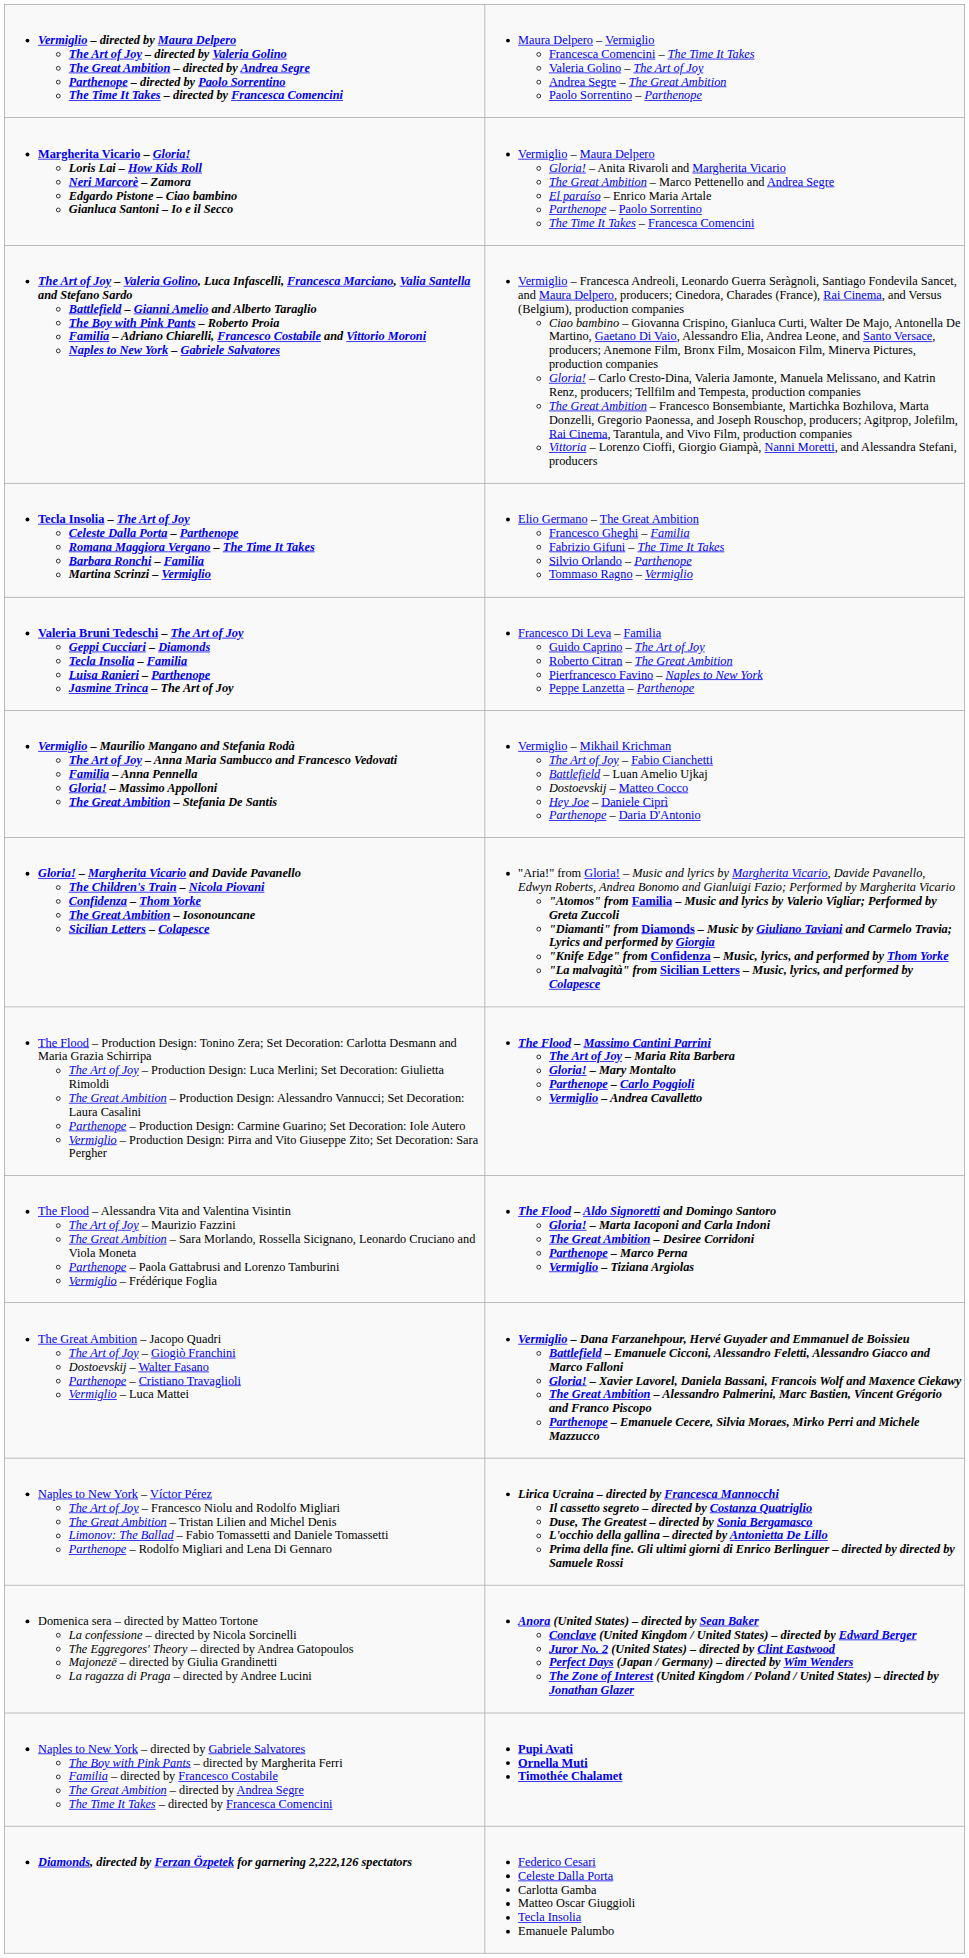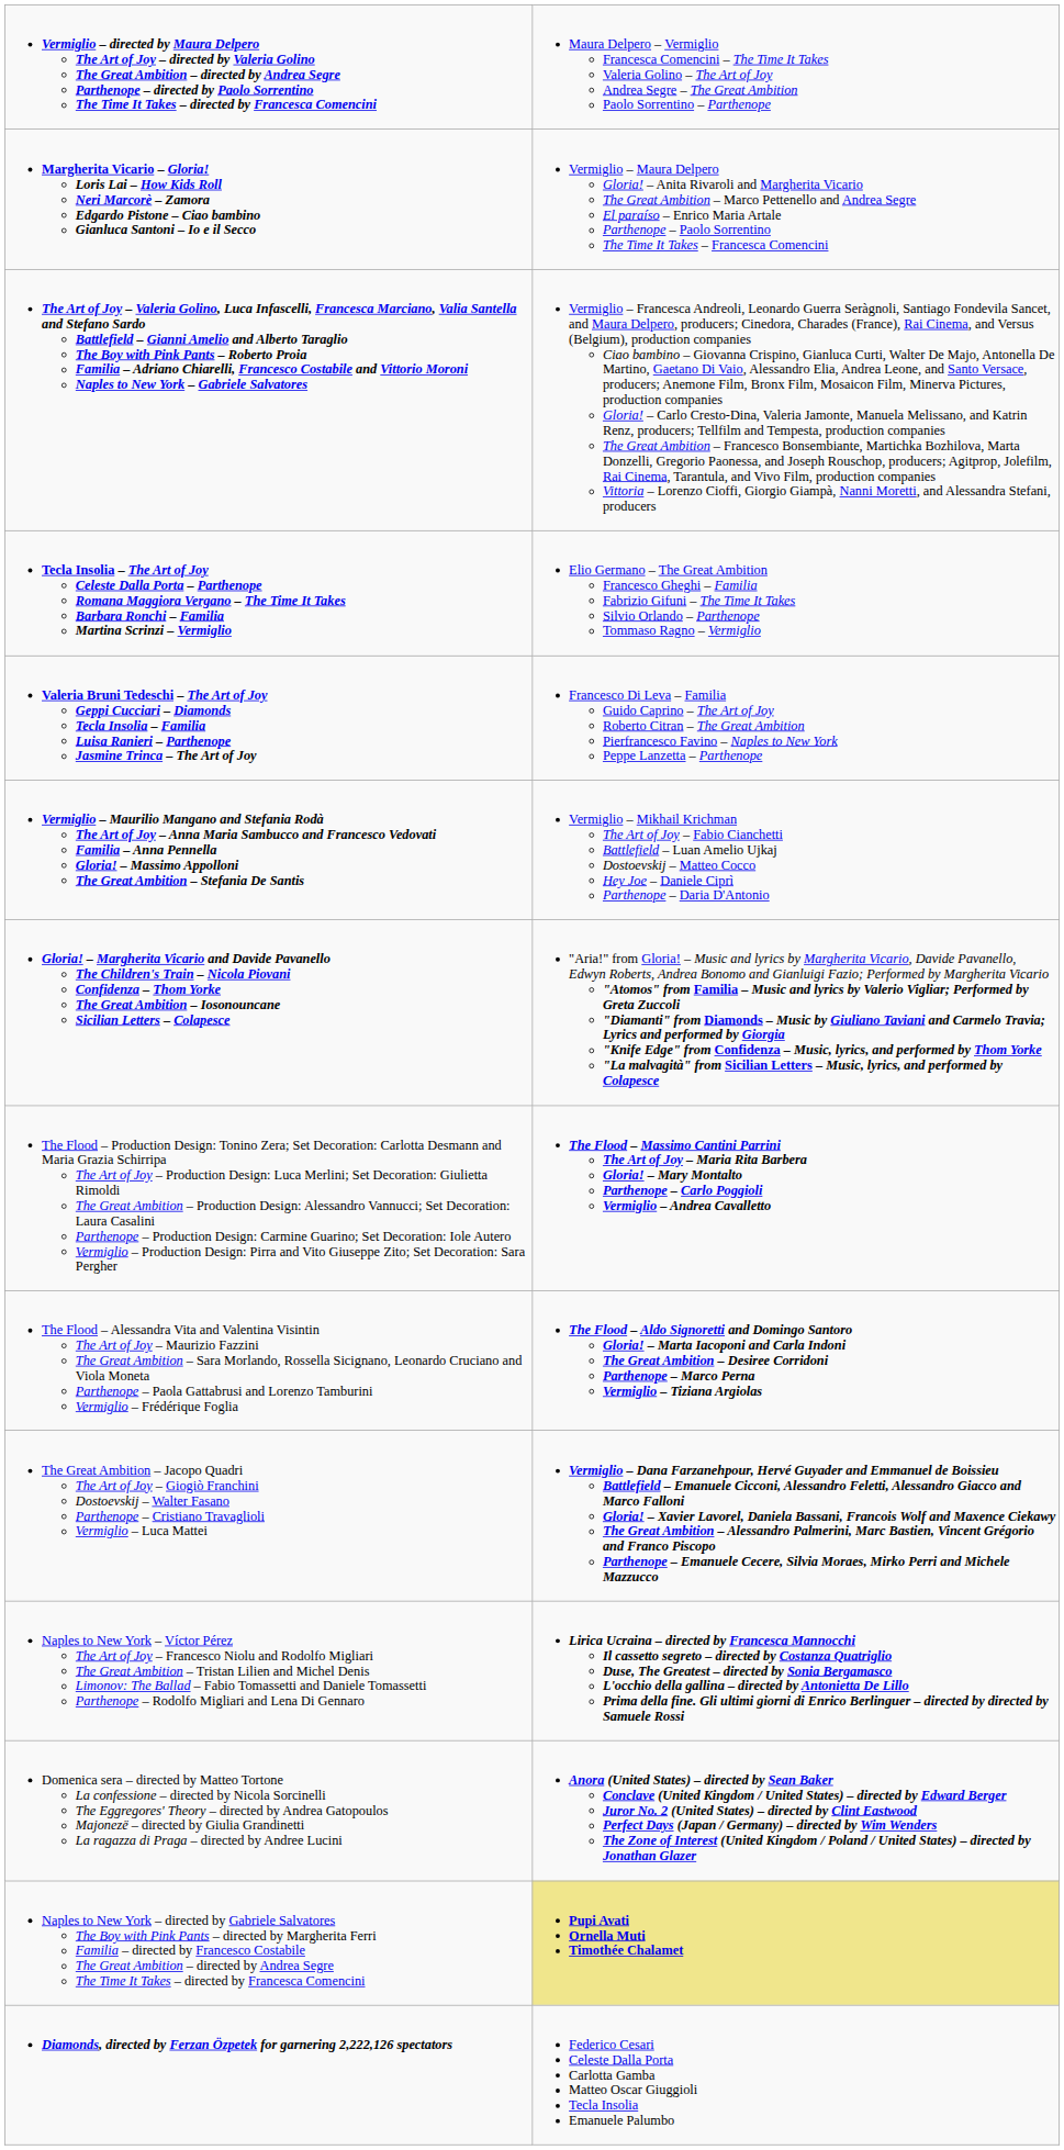 <table class="wikitable" role="presentation">
 <tr>
 <td style="vertical-align:top; width:50%;"><br><ul><li><strong><em><a href='#'>Vermiglio</a><em> – directed by <a href='#'>Maura Delpero</a><strong><ul><li></em><a href='#'>The Art of Joy</a><em> – directed by <a href='#'>Valeria Golino</a></li><li></em><a href='#'>The Great Ambition</a><em> – directed by <a href='#'>Andrea Segre</a></li><li></em><a href='#'>Parthenope</a><em> – directed by <a href='#'>Paolo Sorrentino</a></li><li></em><a href='#'>The Time It Takes</a><em> – directed by <a href='#'>Francesca Comencini</a></li></ul></li></ul></td>
 <td style="vertical-align:top; width:50%;"><br><ul><li></strong><a href='#'>Maura Delpero</a> – </em><a href='#'>Vermiglio</a></em></strong><ul><li><a href='#'>Francesca Comencini</a> – <em><a href='#'>The Time It Takes</a></em></li><li><a href='#'>Valeria Golino</a> – <em><a href='#'>The Art of Joy</a></em></li><li><a href='#'>Andrea Segre</a> – <em><a href='#'>The Great Ambition</a></em></li><li><a href='#'>Paolo Sorrentino</a> – <em><a href='#'>Parthenope</a></em></li></ul></li></ul></td>
 </tr>
 <tr>
 <td style="vertical-align:top; width:50%;"><br><ul><li><strong><a href='#'>Margherita Vicario</a> – <em><a href='#'>Gloria!</a><strong><em><ul><li>Loris Lai – </em><a href='#'>How Kids Roll</a><em></li><li><a href='#'>Neri Marcorè</a> – </em>Zamora<em></li><li>Edgardo Pistone – </em>Ciao bambino<em></li><li>Gianluca Santoni – </em>Io e il Secco<em></li></ul></li></ul></td>
 <td style="vertical-align:top; width:50%;"><br><ul><li></em></strong><a href='#'>Vermiglio</a></em> – <a href='#'>Maura Delpero</a></strong><ul><li><em><a href='#'>Gloria!</a></em> – Anita Rivaroli and <a href='#'>Margherita Vicario</a></li><li><em><a href='#'>The Great Ambition</a></em> – Marco Pettenello and <a href='#'>Andrea Segre</a></li><li><em><a href='#'>El paraíso</a></em> – Enrico Maria Artale</li><li><em><a href='#'>Parthenope</a></em> – <a href='#'>Paolo Sorrentino</a></li><li><em><a href='#'>The Time It Takes</a></em> – <a href='#'>Francesca Comencini</a></li></ul></li></ul></td>
 </tr>
 <tr>
 <td style="vertical-align:top; width:50%;"><br><ul><li><strong><em><a href='#'>The Art of Joy</a><em> – <a href='#'>Valeria Golino</a>, Luca Infascelli, <a href='#'>Francesca Marciano</a>, <a href='#'>Valia Santella</a> and Stefano Sardo<strong><ul><li></em><a href='#'>Battlefield</a><em> – <a href='#'>Gianni Amelio</a> and Alberto Taraglio</li><li></em><a href='#'>The Boy with Pink Pants</a><em> – Roberto Proia</li><li></em><a href='#'>Familia</a><em> – Adriano Chiarelli, <a href='#'>Francesco Costabile</a> and <a href='#'>Vittorio Moroni</a></li><li></em><a href='#'>Naples to New York</a><em> – <a href='#'>Gabriele Salvatores</a></li></ul></li></ul></td>
 <td style="vertical-align:top; width:50%;"><br><ul><li></em></strong><a href='#'>Vermiglio</a></em> – Francesca Andreoli, Leonardo Guerra Seràgnoli, Santiago Fondevila Sancet, and <a href='#'>Maura Delpero</a>, producers; Cinedora, Charades (France), <a href='#'>Rai Cinema</a>, and Versus (Belgium), production companies</strong><ul><li><em>Ciao bambino</em> – Giovanna Crispino, Gianluca Curti, Walter De Majo, Antonella De Martino, <a href='#'>Gaetano Di Vaio</a>, Alessandro Elia, Andrea Leone, and <a href='#'>Santo Versace</a>, producers; Anemone Film, Bronx Film, Mosaicon Film, Minerva Pictures, production companies</li><li><em><a href='#'>Gloria!</a></em> – Carlo Cresto-Dina, Valeria Jamonte, Manuela Melissano, and Katrin Renz, producers; Tellfilm and Tempesta, production companies</li><li><em><a href='#'>The Great Ambition</a></em> – Francesco Bonsembiante, Martichka Bozhilova, Marta Donzelli, Gregorio Paonessa, and Joseph Rouschop, producers; Agitprop, Jolefilm, <a href='#'>Rai Cinema</a>, Tarantula, and Vivo Film, production companies</li><li><em><a href='#'>Vittoria</a></em> – Lorenzo Cioffi, Giorgio Giampà, <a href='#'>Nanni Moretti</a>, and Alessandra Stefani, producers</li></ul></li></ul></td>
 </tr>
 <tr>
 <td style="vertical-align:top; width:50%;"><br><ul><li><strong><a href='#'>Tecla Insolia</a> – <em><a href='#'>The Art of Joy</a><strong><em><ul><li><a href='#'>Celeste Dalla Porta</a> – </em><a href='#'>Parthenope</a><em></li><li><a href='#'>Romana Maggiora Vergano</a> – </em><a href='#'>The Time It Takes</a><em></li><li><a href='#'>Barbara Ronchi</a> – </em><a href='#'>Familia</a><em></li><li>Martina Scrinzi – </em><a href='#'>Vermiglio</a><em></li></ul></li></ul></td>
 <td style="vertical-align:top; width:50%;"><br><ul><li></strong><a href='#'>Elio Germano</a> – </em><a href='#'>The Great Ambition</a></em></strong><ul><li><a href='#'>Francesco Gheghi</a> – <em><a href='#'>Familia</a></em></li><li><a href='#'>Fabrizio Gifuni</a> – <em><a href='#'>The Time It Takes</a></em></li><li><a href='#'>Silvio Orlando</a> – <em><a href='#'>Parthenope</a></em></li><li><a href='#'>Tommaso Ragno</a> – <em><a href='#'>Vermiglio</a></em></li></ul></li></ul></td>
 </tr>
 <tr>
 <td style="vertical-align:top; width:50%;"><br><ul><li><strong><a href='#'>Valeria Bruni Tedeschi</a> – <em><a href='#'>The Art of Joy</a><strong><em><ul><li><a href='#'>Geppi Cucciari</a> – </em><a href='#'>Diamonds</a><em></li><li><a href='#'>Tecla Insolia</a> – </em><a href='#'>Familia</a><em></li><li><a href='#'>Luisa Ranieri</a> – </em><a href='#'>Parthenope</a><em></li><li><a href='#'>Jasmine Trinca</a> – </em>The Art of Joy<em></li></ul></li></ul></td>
 <td style="vertical-align:top; width:50%;"><br><ul><li></strong><a href='#'>Francesco Di Leva</a> – </em><a href='#'>Familia</a></em></strong><ul><li><a href='#'>Guido Caprino</a> – <em><a href='#'>The Art of Joy</a></em></li><li><a href='#'>Roberto Citran</a> – <em><a href='#'>The Great Ambition</a></em></li><li><a href='#'>Pierfrancesco Favino</a> – <em><a href='#'>Naples to New York</a></em></li><li><a href='#'>Peppe Lanzetta</a> – <em><a href='#'>Parthenope</a></em></li></ul></li></ul></td>
 </tr>
 <tr>
 <td style="vertical-align:top; width:50%;"><br><ul><li><strong><em><a href='#'>Vermiglio</a><em> – Maurilio Mangano and Stefania Rodà<strong><ul><li></em><a href='#'>The Art of Joy</a><em> – Anna Maria Sambucco and Francesco Vedovati</li><li></em><a href='#'>Familia</a><em> – Anna Pennella</li><li></em><a href='#'>Gloria!</a><em> – Massimo Appolloni</li><li></em><a href='#'>The Great Ambition</a><em> – Stefania De Santis</li></ul></li></ul></td>
 <td style="vertical-align:top; width:50%;"><br><ul><li></em></strong><a href='#'>Vermiglio</a></em> – <a href='#'>Mikhail Krichman</a></strong><ul><li><em><a href='#'>The Art of Joy</a></em> – <a href='#'>Fabio Cianchetti</a></li><li><em><a href='#'>Battlefield</a></em> – Luan Amelio Ujkaj</li><li><em>Dostoevskij</em> – <a href='#'>Matteo Cocco</a></li><li><em><a href='#'>Hey Joe</a></em> – <a href='#'>Daniele Ciprì</a></li><li><em><a href='#'>Parthenope</a></em> – <a href='#'>Daria D'Antonio</a></li></ul></li></ul></td>
 </tr>
 <tr>
 <td style="vertical-align:top; width:50%;"><br><ul><li><strong><em><a href='#'>Gloria!</a><em> – <a href='#'>Margherita Vicario</a> and Davide Pavanello<strong><ul><li></em><a href='#'>The Children's Train</a><em> – <a href='#'>Nicola Piovani</a></li><li></em><a href='#'>Confidenza</a><em> – <a href='#'>Thom Yorke</a></li><li></em><a href='#'>The Great Ambition</a><em> – Iosonouncane</li><li></em><a href='#'>Sicilian Letters</a><em> – <a href='#'>Colapesce</a></li></ul></li></ul></td>
 <td style="vertical-align:top; width:50%;"><br><ul><li></strong>"Aria!" from </em><a href='#'>Gloria!</a><em> – Music and lyrics by <a href='#'>Margherita Vicario</a>, Davide Pavanello, Edwyn Roberts, Andrea Bonomo and Gianluigi Fazio; Performed by Margherita Vicario<strong><ul><li>"Atomos" from </em><a href='#'>Familia</a><em> – Music and lyrics by Valerio Vigliar; Performed by Greta Zuccoli</li><li>"Diamanti" from </em><a href='#'>Diamonds</a><em> – Music by <a href='#'>Giuliano Taviani</a> and Carmelo Travia; Lyrics and performed by <a href='#'>Giorgia</a></li><li>"Knife Edge" from </em><a href='#'>Confidenza</a><em> – Music, lyrics, and performed by <a href='#'>Thom Yorke</a></li><li>"La malvagità" from </em><a href='#'>Sicilian Letters</a><em> – Music, lyrics, and performed by <a href='#'>Colapesce</a></li></ul></li></ul></td>
 </tr>
 <tr>
 <td style="vertical-align:top; width:50%;"><br><ul><li></em></strong><a href='#'>The Flood</a></em> – Production Design: Tonino Zera; Set Decoration: Carlotta Desmann and Maria Grazia Schirripa</strong><ul><li><em><a href='#'>The Art of Joy</a></em> – Production Design: Luca Merlini; Set Decoration: Giulietta Rimoldi</li><li><em><a href='#'>The Great Ambition</a></em> – Production Design: Alessandro Vannucci; Set Decoration: Laura Casalini</li><li><em><a href='#'>Parthenope</a></em> – Production Design: Carmine Guarino; Set Decoration: Iole Autero</li><li><em><a href='#'>Vermiglio</a></em> – Production Design: Pirra and Vito Giuseppe Zito; Set Decoration: Sara Pergher</li></ul></li></ul></td>
 <td style="vertical-align:top; width:50%;"><br><ul><li><strong><em><a href='#'>The Flood</a><em> – <a href='#'>Massimo Cantini Parrini</a><strong><ul><li></em><a href='#'>The Art of Joy</a><em> – Maria Rita Barbera</li><li></em><a href='#'>Gloria!</a><em> – Mary Montalto</li><li></em><a href='#'>Parthenope</a><em> – <a href='#'>Carlo Poggioli</a></li><li></em><a href='#'>Vermiglio</a><em> – Andrea Cavalletto</li></ul></li></ul></td>
 </tr>
 <tr>
 <td style="vertical-align:top; width:50%;"><br><ul><li></em></strong><a href='#'>The Flood</a></em> – Alessandra Vita and Valentina Visintin</strong><ul><li><em><a href='#'>The Art of Joy</a></em> – Maurizio Fazzini</li><li><em><a href='#'>The Great Ambition</a></em> – Sara Morlando, Rossella Sicignano, Leonardo Cruciano and Viola Moneta</li><li><em><a href='#'>Parthenope</a></em> – Paola Gattabrusi and Lorenzo Tamburini</li><li><em><a href='#'>Vermiglio</a></em> – Frédérique Foglia</li></ul></li></ul></td>
 <td style="vertical-align:top; width:50%;"><br><ul><li><strong><em><a href='#'>The Flood</a><em> – <a href='#'>Aldo Signoretti</a> and Domingo Santoro<strong><ul><li></em><a href='#'>Gloria!</a><em> – Marta Iacoponi and Carla Indoni</li><li></em><a href='#'>The Great Ambition</a><em> – Desiree Corridoni</li><li></em><a href='#'>Parthenope</a><em> – Marco Perna</li><li></em><a href='#'>Vermiglio</a><em> – Tiziana Argiolas</li></ul></li></ul></td>
 </tr>
 <tr>
 <td style="vertical-align:top; width:50%;"><br><ul><li></em></strong><a href='#'>The Great Ambition</a></em> – Jacopo Quadri</strong><ul><li><em><a href='#'>The Art of Joy</a></em> – <a href='#'>Giogiò Franchini</a></li><li><em>Dostoevskij</em> – <a href='#'>Walter Fasano</a></li><li><em><a href='#'>Parthenope</a></em> – <a href='#'>Cristiano Travaglioli</a></li><li><em><a href='#'>Vermiglio</a></em> – Luca Mattei</li></ul></li></ul></td>
 <td style="vertical-align:top; width:50%;"><br><ul><li><strong><em><a href='#'>Vermiglio</a><em> – Dana Farzanehpour, Hervé Guyader and Emmanuel de Boissieu<strong><ul><li></em><a href='#'>Battlefield</a><em> – Emanuele Cicconi, Alessandro Feletti, Alessandro Giacco and Marco Falloni</li><li></em><a href='#'>Gloria!</a><em> – Xavier Lavorel, Daniela Bassani, Francois Wolf and Maxence Ciekawy</li><li></em><a href='#'>The Great Ambition</a><em> – Alessandro Palmerini, Marc Bastien, Vincent Grégorio and Franco Piscopo</li><li></em><a href='#'>Parthenope</a><em> – Emanuele Cecere, Silvia Moraes, Mirko Perri and Michele Mazzucco</li></ul></li></ul></td>
 </tr>
 <tr>
 <td style="vertical-align:top; width:50%;"><br><ul><li></em></strong><a href='#'>Naples to New York</a></em> – <a href='#'>Víctor Pérez</a></strong><ul><li><em><a href='#'>The Art of Joy</a></em> – Francesco Niolu and Rodolfo Migliari</li><li><em><a href='#'>The Great Ambition</a></em> – Tristan Lilien and Michel Denis</li><li><em><a href='#'>Limonov: The Ballad</a></em> – Fabio Tomassetti and Daniele Tomassetti</li><li><em><a href='#'>Parthenope</a></em> – Rodolfo Migliari and Lena Di Gennaro</li></ul></li></ul></td>
 <td style="vertical-align:top; width:50%;"><br><ul><li><strong><em>Lirica Ucraina<em> – directed by <a href='#'>Francesca Mannocchi</a><strong><ul><li></em>Il cassetto segreto<em> – directed by <a href='#'>Costanza Quatriglio</a></li><li></em>Duse, The Greatest<em> – directed by <a href='#'>Sonia Bergamasco</a></li><li></em>L'occhio della gallina<em> – directed by <a href='#'>Antonietta De Lillo</a></li><li></em>Prima della fine. Gli ultimi giorni di Enrico Berlinguer<em> – directed by directed by Samuele Rossi</li></ul></li></ul></td>
 </tr>
 <tr>
 <td style="vertical-align:top; width:50%;"><br><ul><li></em></strong>Domenica sera</em> – directed by Matteo Tortone</strong><ul><li><em>La confessione</em> – directed by Nicola Sorcinelli</li><li><em>The Eggregores' Theory</em> – directed by Andrea Gatopoulos</li><li><em>Majonezë</em> – directed by Giulia Grandinetti</li><li><em>La ragazza di Praga</em> – directed by Andree Lucini</li></ul></li></ul></td>
 <td style="vertical-align:top; width:50%;"><br><ul><li><strong><em><a href='#'>Anora</a><em> (United States) – directed by <a href='#'>Sean Baker</a><strong><ul><li></em><a href='#'>Conclave</a><em> (United Kingdom / United States) – directed by <a href='#'>Edward Berger</a></li><li></em><a href='#'>Juror No. 2</a><em> (United States) – directed by <a href='#'>Clint Eastwood</a></li><li></em><a href='#'>Perfect Days</a><em> (Japan / Germany) – directed by <a href='#'>Wim Wenders</a></li><li></em><a href='#'>The Zone of Interest</a><em> (United Kingdom / Poland / United States) – directed by <a href='#'>Jonathan Glazer</a></li></ul></li></ul></td>
 </tr>
 <tr>
 <td style="vertical-align:top; width:50%;"><br><ul><li></em></strong><a href='#'>Naples to New York</a></em> – directed by <a href='#'>Gabriele Salvatores</a></strong><ul><li><em><a href='#'>The Boy with Pink Pants</a></em> – directed by Margherita Ferri</li><li><em><a href='#'>Familia</a></em> – directed by <a href='#'>Francesco Costabile</a></li><li><em><a href='#'>The Great Ambition</a></em> – directed by <a href='#'>Andrea Segre</a></li><li><em><a href='#'>The Time It Takes</a></em> – directed by <a href='#'>Francesca Comencini</a></li></ul></li></ul></td>
-<td style="vertical-align:top; width:50%;"><br><ul><li><strong><a href='#'>Pupi Avati</a></strong></li><li><strong><a href='#'>Ornella Muti</a></strong></li><li><strong><a href='#'>Timothée Chalamet</a></strong></li></ul></td>
+<td style="background: khaki; vertical-align:top; width:50%;"><br><ul><li><strong><a href='#'>Pupi Avati</a></strong></li><li><strong><a href='#'>Ornella Muti</a></strong></li><li><strong><a href='#'>Timothée Chalamet</a></strong></li></ul></td>
 </tr>
 <tr>
 <td style="vertical-align:top; width:50%;"><br><ul><li><strong><em><a href='#'>Diamonds</a><em>, directed by <a href='#'>Ferzan Özpetek</a> for garnering 2,222,126 spectators<strong></li></ul></td>
 <td style="vertical-align:top; width:50%;"><br><ul><li></strong><a href='#'>Federico Cesari</a><strong></li><li></strong><a href='#'>Celeste Dalla Porta</a><strong></li><li></strong>Carlotta Gamba<strong></li><li></strong>Matteo Oscar Giuggioli<strong></li><li></strong><a href='#'>Tecla Insolia</a><strong></li><li></strong>Emanuele Palumbo<strong></li></ul></td>
 </tr>
 </table>
